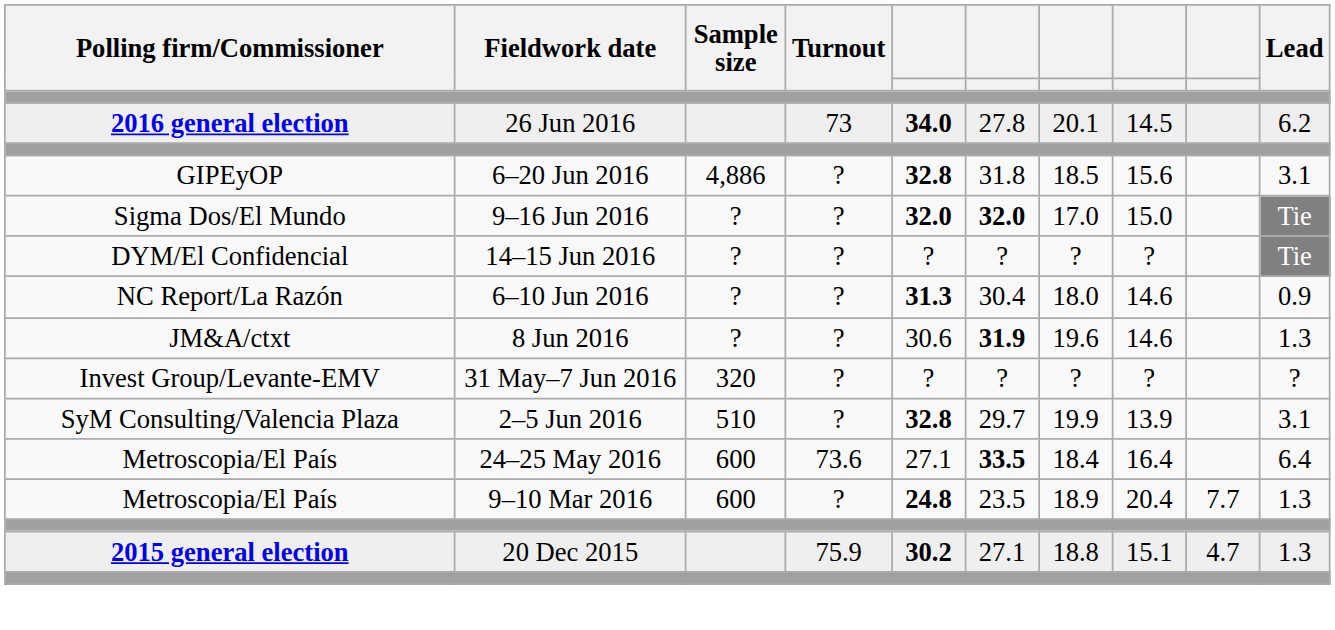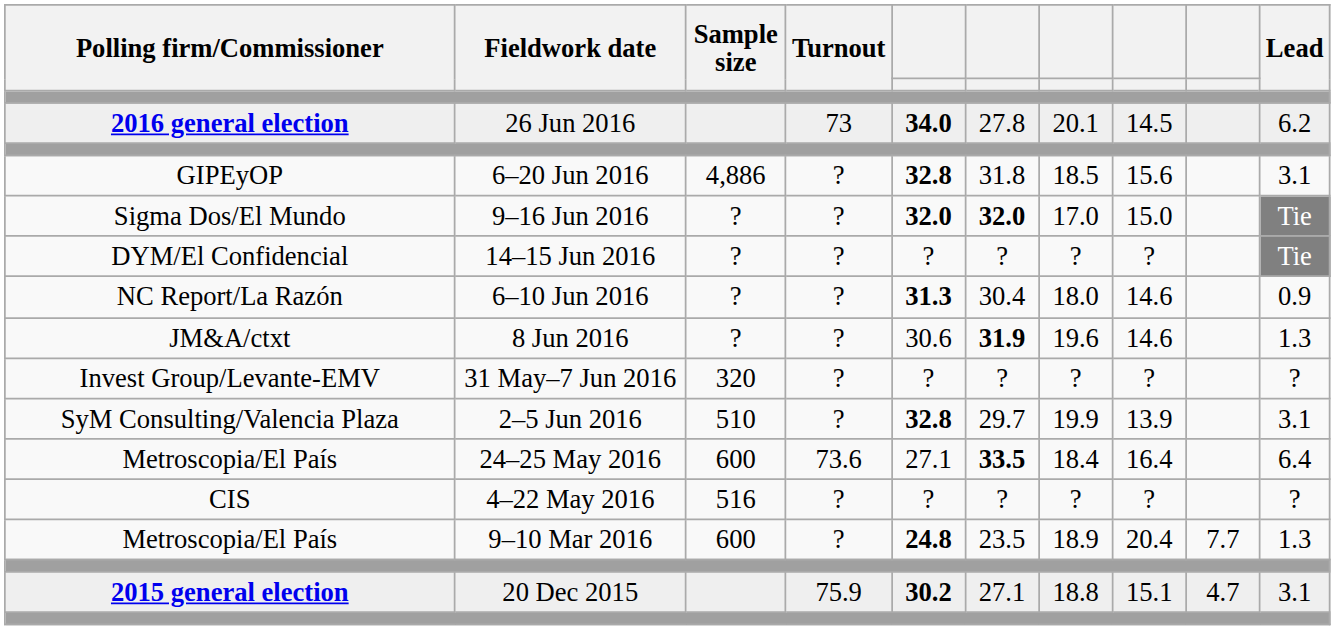 <table class="wikitable collapsible collapsed" style="text-align:center; font-size:95%; line-height:16px;">
 <tr style="height:42px; background-color:#E9E9E9">
 <th style="width:250px;" rowspan="2">Polling firm/Commissioner</th>
 <th style="width:125px;" rowspan="2">Fieldwork date</th>
 <th style="width:50px;" rowspan="2">Sample size</th>
 <th style="width:45px;" rowspan="2">Turnout</th>
 <th style="width:35px;"></th>
 <th style="width:35px;"><br></th>
 <th style="width:35px;"></th>
 <th style="width:35px;"></th>
 <th style="width:35px;"></th>
 <th style="width:30px;" rowspan="2">Lead</th>
 </tr>
 <tr>
 <th style="color:inherit;background:"></th>
 <th style="color:inherit;background:"></th>
 <th style="color:inherit;background:"></th>
 <th style="color:inherit;background:"></th>
 <th style="color:inherit;background:"></th>
 </tr>
 <tr>
 <td colspan="10" style="background:#A0A0A0"></td>
 </tr>
 <tr style="background:#EFEFEF;">
 <td><strong><a href='#'>2016 general election</a></strong></td>
 <td>26 Jun 2016</td>
 <td></td>
 <td>73</td>
 <td><strong>34.0</strong><br></td>
 <td>27.8<br></td>
 <td>20.1<br></td>
 <td>14.5<br></td>
 <td></td>
 <td style="background:">6.2</td>
 </tr>
 <tr>
 <td colspan="10" style="background:#A0A0A0"></td>
 </tr>
 <tr>
 <td>GIPEyOP</td>
 <td>6–20 Jun 2016</td>
 <td>4,886</td>
 <td>?</td>
 <td><strong>32.8</strong><br></td>
 <td>31.8<br></td>
 <td>18.5<br></td>
 <td>15.6<br></td>
 <td></td>
 <td style="background:">3.1</td>
 </tr>
 <tr>
 <td>Sigma Dos/El Mundo</td>
 <td>9–16 Jun 2016</td>
 <td>?</td>
 <td>?</td>
 <td><strong>32.0</strong><br></td>
 <td><strong>32.0</strong><br></td>
 <td>17.0<br></td>
 <td>15.0<br></td>
 <td></td>
 <td style="background:gray;color:white;">Tie</td>
 </tr>
 <tr>
 <td>DYM/El Confidencial</td>
 <td>14–15 Jun 2016</td>
 <td>?</td>
 <td>?</td>
 <td>?<br></td>
 <td>?<br></td>
 <td>?<br></td>
 <td>?<br></td>
 <td></td>
 <td style="background:gray;color:white;">Tie</td>
 </tr>
 <tr>
 <td>NC Report/La Razón</td>
 <td>6–10 Jun 2016</td>
 <td>?</td>
 <td>?</td>
 <td><strong>31.3</strong><br></td>
 <td>30.4<br></td>
 <td>18.0<br></td>
 <td>14.6<br></td>
 <td></td>
 <td style="background:">0.9</td>
 </tr>
 <tr>
 <td>JM&A/ctxt</td>
 <td>8 Jun 2016</td>
 <td>?</td>
 <td>?</td>
 <td>30.6<br></td>
 <td><strong>31.9</strong><br></td>
 <td>19.6<br></td>
 <td>14.6<br></td>
 <td></td>
 <td style="background:">1.3</td>
 </tr>
 <tr>
 <td>Invest Group/Levante-EMV</td>
 <td>31 May–7 Jun 2016</td>
 <td>320</td>
 <td>?</td>
 <td>?<br></td>
 <td>?<br></td>
 <td>?<br></td>
 <td>?<br></td>
 <td></td>
 <td style="background:">?</td>
 </tr>
 <tr>
 <td>SyM Consulting/Valencia Plaza</td>
 <td>2–5 Jun 2016</td>
 <td>510</td>
 <td>?</td>
 <td><strong>32.8</strong><br></td>
 <td>29.7<br></td>
 <td>19.9<br></td>
 <td>13.9<br></td>
 <td></td>
 <td style="background:">3.1</td>
 </tr>
 <tr>
 <td>Metroscopia/El País</td>
 <td>24–25 May 2016</td>
 <td>600</td>
 <td>73.6</td>
 <td>27.1<br></td>
 <td><strong>33.5</strong><br></td>
 <td>18.4<br></td>
 <td>16.4<br></td>
 <td></td>
 <td style="background:">6.4</td>
 </tr>
 <tr>
+<td>CIS</td>
+<td>4–22 May 2016</td>
+<td>516</td>
+<td>?</td>
+<td>?<br></td>
+<td>?<br></td>
+<td>?<br></td>
+<td>?<br></td>
+<td></td>
+<td style="background:">?</td>
+</tr>
+<tr>
 <td>Metroscopia/El País</td>
 <td>9–10 Mar 2016</td>
 <td>600</td>
 <td>?</td>
 <td><strong>24.8</strong><br></td>
 <td>23.5<br></td>
 <td>18.9<br></td>
 <td>20.4<br></td>
 <td>7.7<br></td>
 <td style="background:">1.3</td>
 </tr>
 <tr>
 <td colspan="10" style="background:#A0A0A0"></td>
 </tr>
 <tr style="background:#EFEFEF;">
 <td><strong><a href='#'>2015 general election</a></strong></td>
 <td>20 Dec 2015</td>
 <td></td>
 <td>75.9</td>
 <td><strong>30.2</strong><br></td>
 <td>27.1<br></td>
 <td>18.8<br></td>
 <td>15.1<br></td>
 <td>4.7<br></td>
-<td style="background:">1.3</td>
+<td style="background:">3.1</td>
 </tr>
 <tr>
 <td colspan="10" style="background:#A0A0A0"></td>
 </tr>
 </table>
